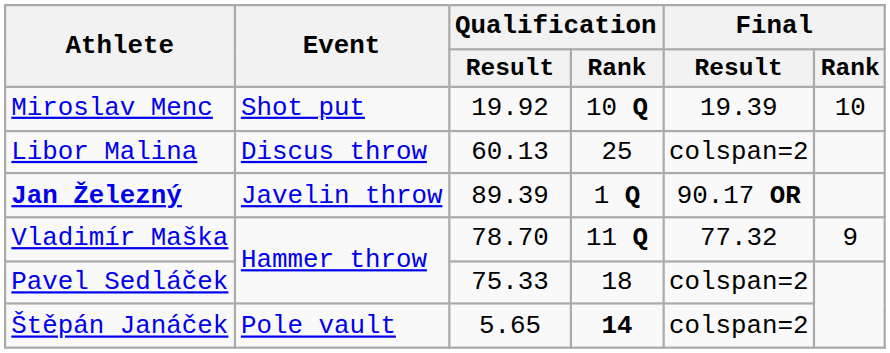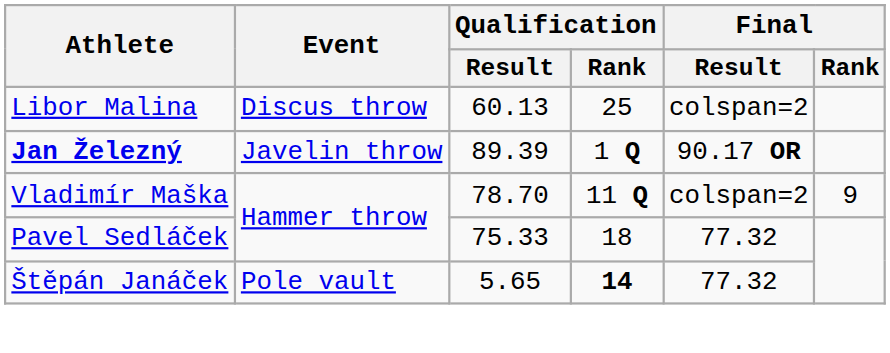 <table class=wikitable style=font-size:90%;text-align:center>
 <tr>
 <th rowspan=2>Athlete</th>
 <th rowspan=2>Event</th>
 <th colspan=2>Qualification</th>
 <th colspan=2>Final</th>
 </tr>
 <tr style=font-size:95%>
 <th>Result</th>
 <th>Rank</th>
 <th>Result</th>
 <th>Rank</th>
-</tr>
-<tr>
-<td align=left><a href='#'>Miroslav Menc</a></td>
-<td align=left><a href='#'>Shot put</a></td>
-<td>19.92</td>
-<td>10 <strong>Q</strong></td>
-<td>19.39</td>
-<td>10</td>
 </tr>
 <tr>
 <td align=left><a href='#'>Libor Malina</a></td>
 <td align=left><a href='#'>Discus throw</a></td>
 <td>60.13</td>
 <td>25</td>
 <td>colspan=2 </td>
 </tr>
 <tr>
 <td align=left><strong><a href='#'>Jan Železný</a></strong></td>
 <td align=left><a href='#'>Javelin throw</a></td>
 <td>89.39</td>
 <td>1 <strong>Q</strong></td>
 <td>90.17 <strong>OR</strong></td>
 <td></td>
 </tr>
 <tr>
 <td align=left><a href='#'>Vladimír Maška</a></td>
 <td align=left rowspan=2><a href='#'>Hammer throw</a></td>
 <td>78.70</td>
 <td>11 <strong>Q</strong></td>
-<td>77.32</td>
+<td>colspan=2 </td>
 <td>9</td>
 </tr>
 <tr>
 <td align=left><a href='#'>Pavel Sedláček</a></td>
 <td>75.33</td>
 <td>18</td>
-<td>colspan=2 </td>
+<td>77.32</td>
 </tr>
 <tr>
 <td align=left><a href='#'>Štěpán Janáček</a></td>
 <td align=left><a href='#'>Pole vault</a></td>
 <td>5.65</td>
 <td><strong>14</strong></td>
-<td>colspan=2 </td>
+<td>77.32</td>
 </tr>
 </table>
